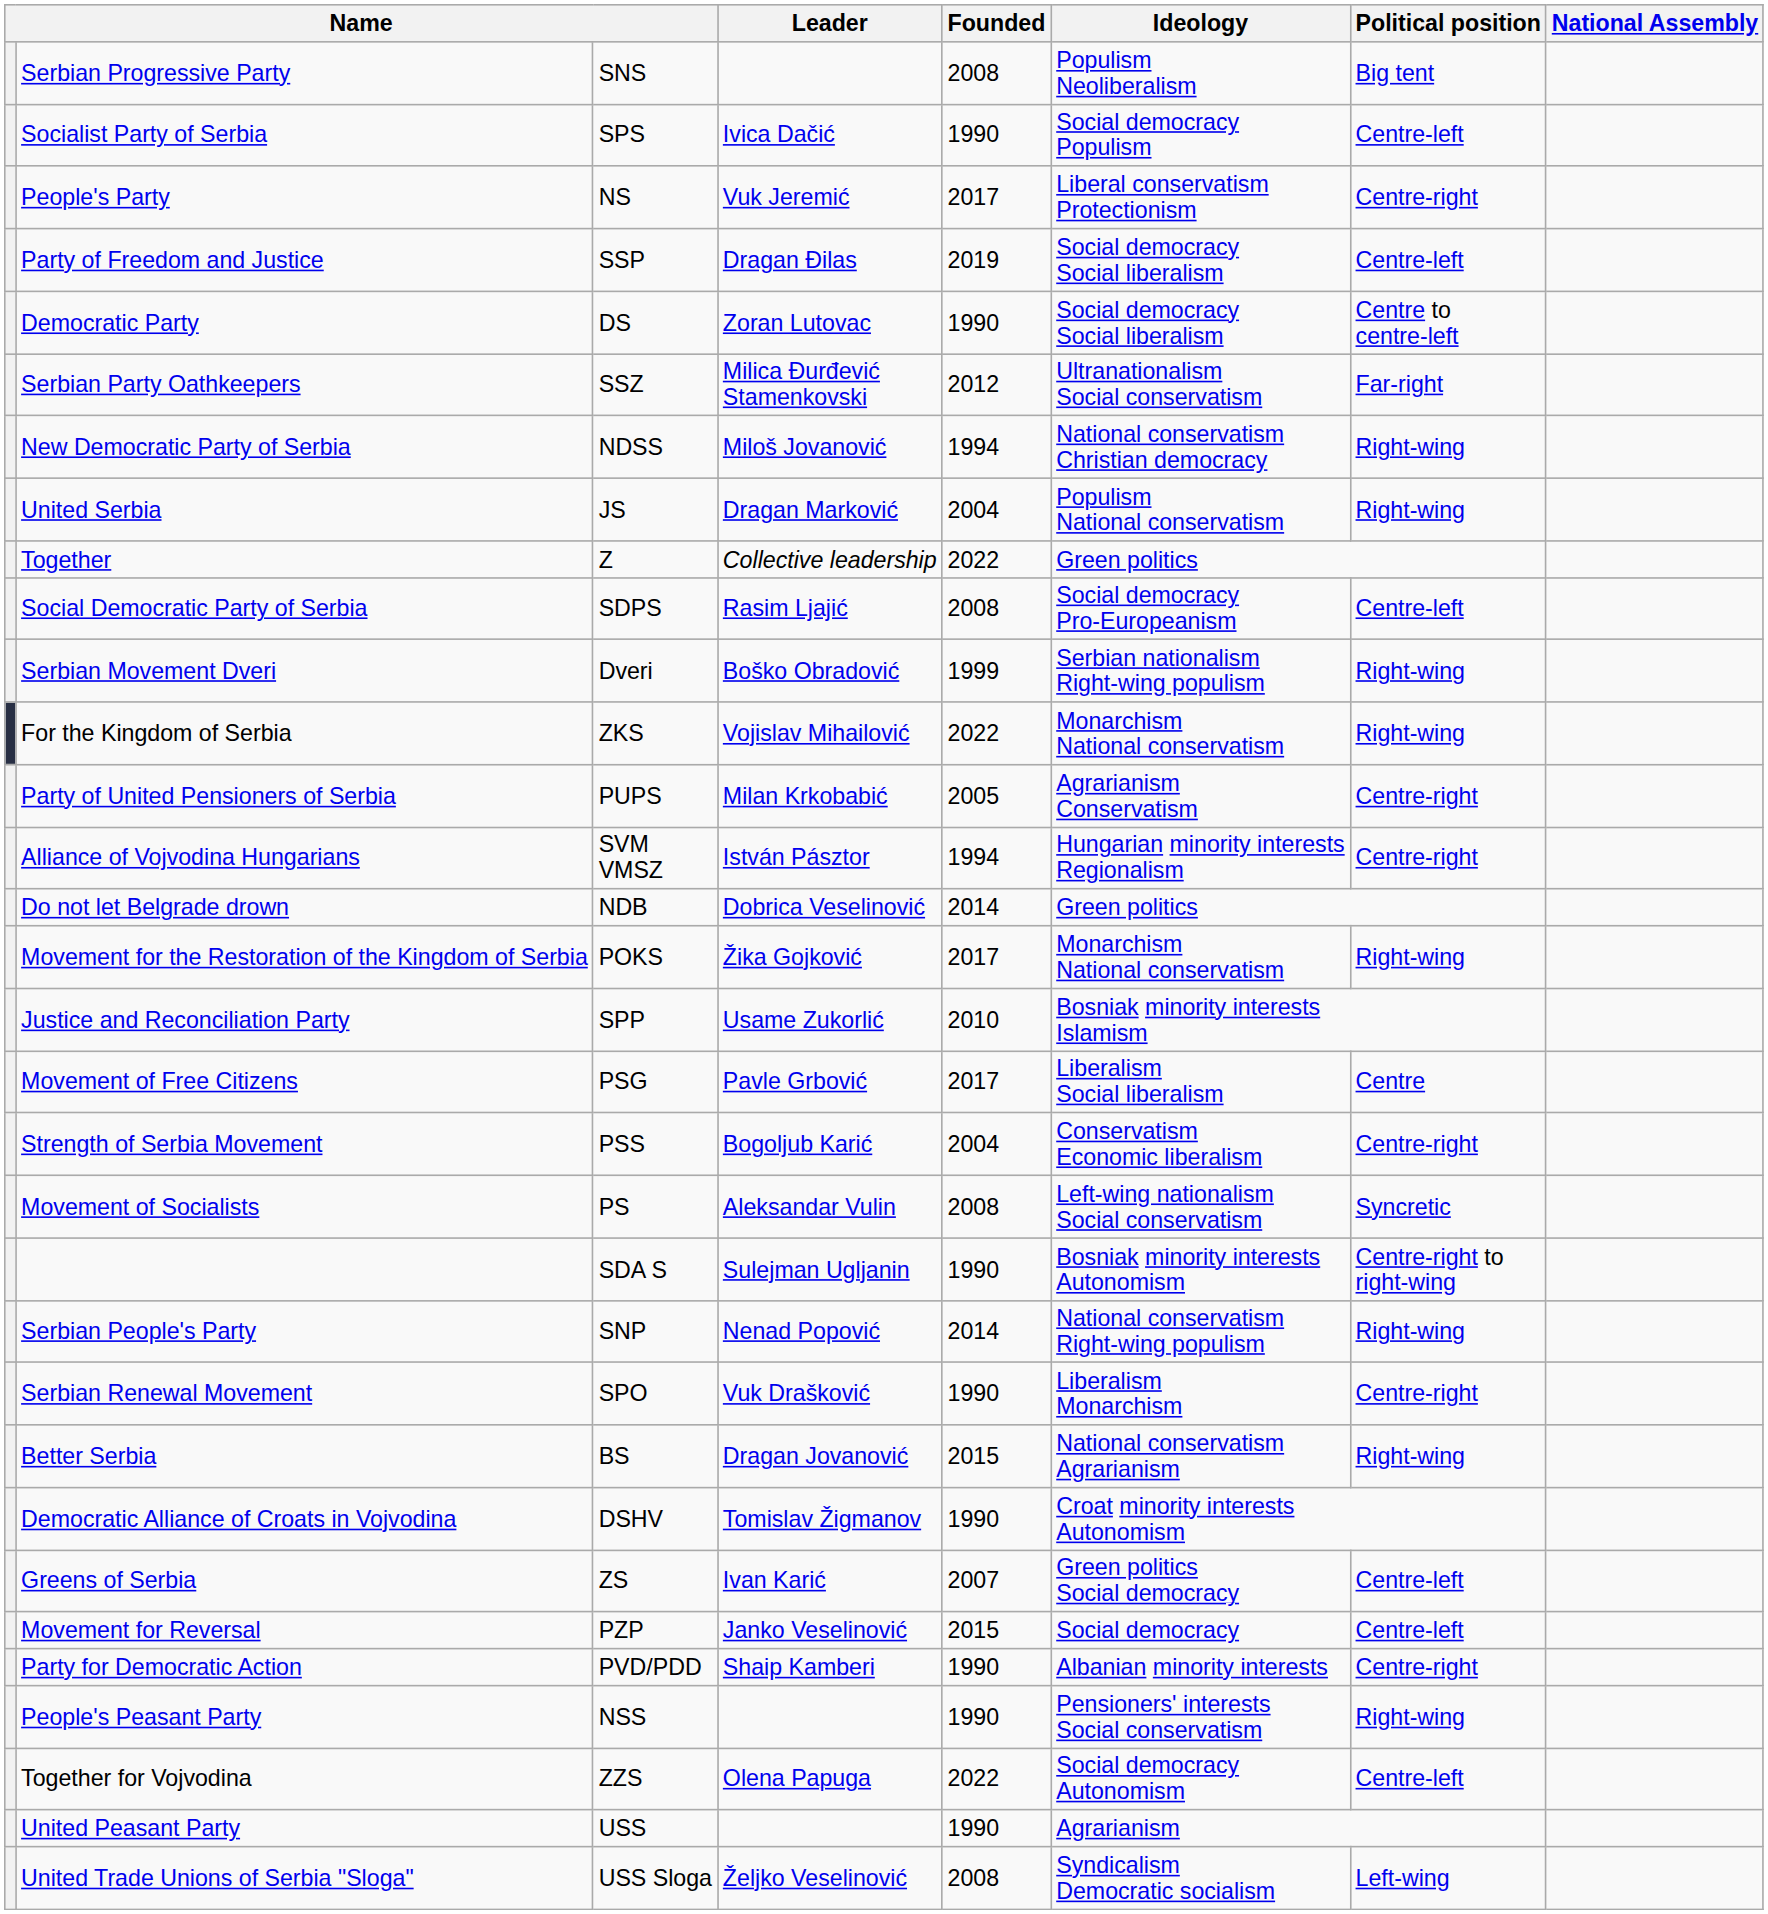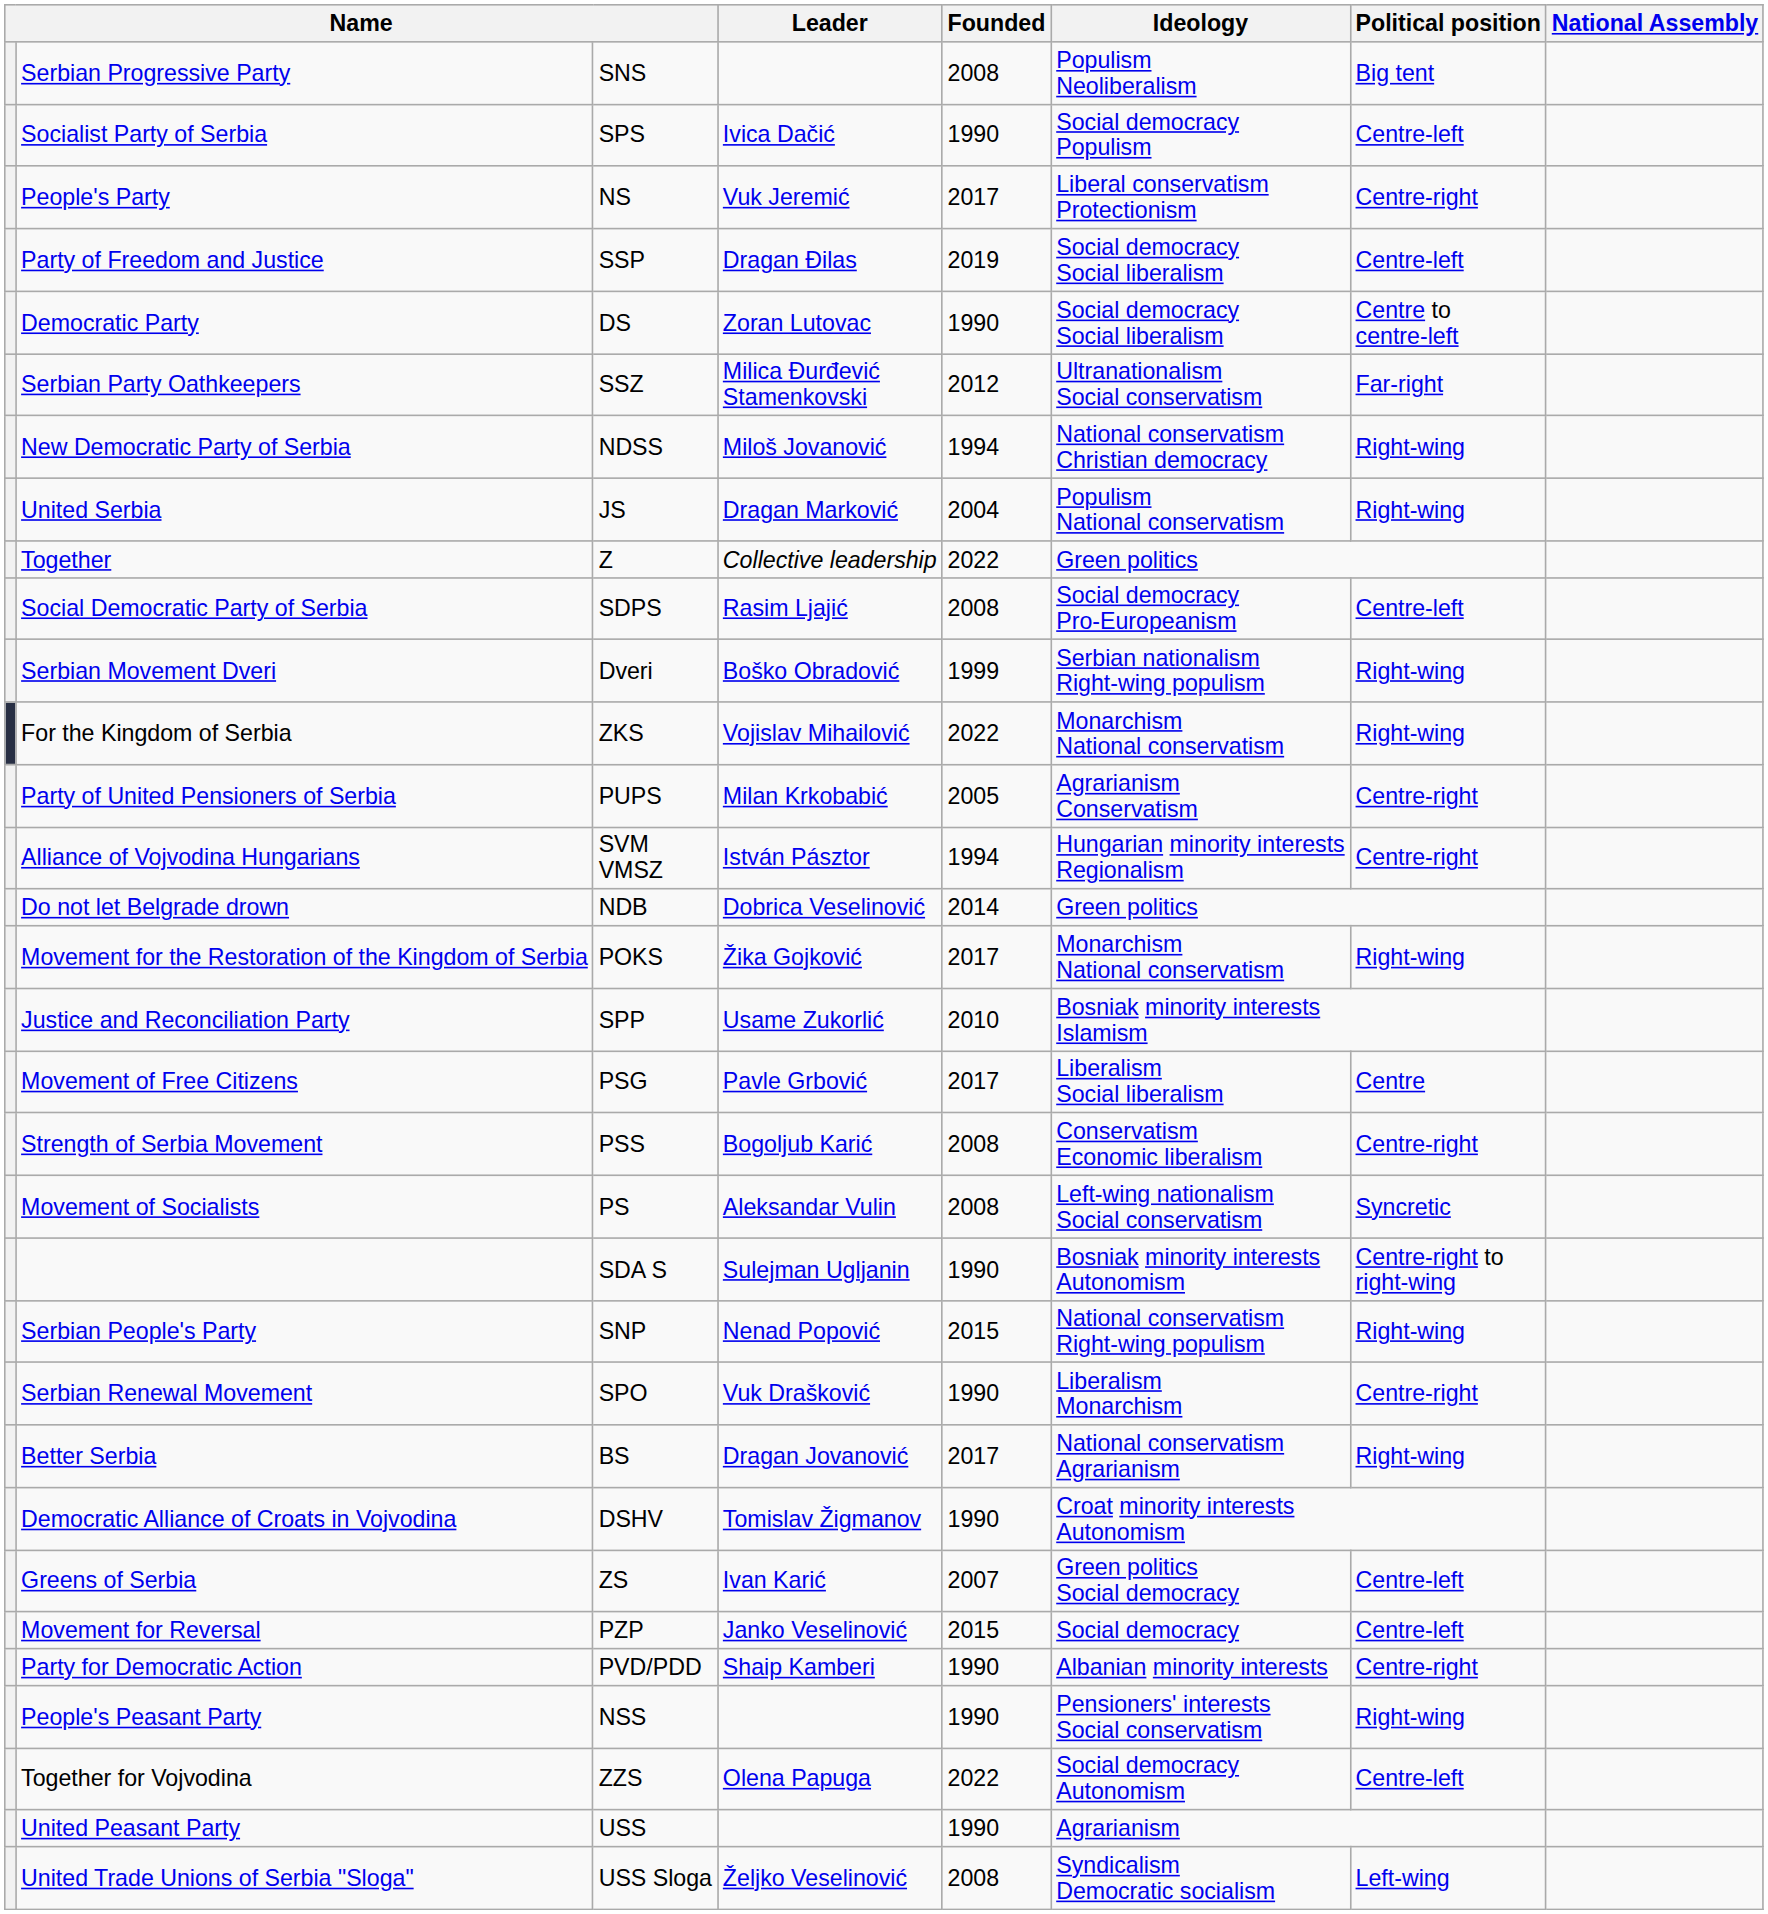 <table class="wikitable" style="font-size:90%">
 <tr>
 <th colspan="3">Name</th>
 <th>Leader</th>
 <th>Founded</th>
 <th>Ideology</th>
 <th>Political position</th>
 <th><a href='#'>National Assembly</a></th>
 </tr>
 <tr>
 <th style="background:"></th>
 <td><a href='#'>Serbian Progressive Party</a><br><small><em></em></small></td>
 <td>SNS</td>
 <td></td>
 <td>2008</td>
 <td><a href='#'>Populism</a><br><a href='#'>Neoliberalism</a></td>
 <td><a href='#'>Big tent</a></td>
 <td></td>
 </tr>
 <tr>
 <th style="background-color:"></th>
 <td><a href='#'>Socialist Party of Serbia</a><br><small><em></em></small></td>
 <td>SPS</td>
 <td><a href='#'>Ivica Dačić</a></td>
 <td>1990</td>
 <td><a href='#'>Social democracy</a><br><a href='#'>Populism</a></td>
 <td><a href='#'>Centre-left</a></td>
 <td></td>
 </tr>
 <tr>
 <th style="background-color:"></th>
 <td><a href='#'>People's Party</a><br><small><em></em></small></td>
 <td>NS</td>
 <td><a href='#'>Vuk Jeremić</a></td>
 <td>2017</td>
 <td><a href='#'>Liberal conservatism</a><br><a href='#'>Protectionism</a></td>
 <td><a href='#'>Centre-right</a></td>
 <td></td>
 </tr>
 <tr>
 <th style="background-color:"></th>
 <td><a href='#'>Party of Freedom and Justice</a><br><small><em></em></small></td>
 <td>SSP</td>
 <td><a href='#'>Dragan Đilas</a></td>
 <td>2019</td>
 <td><a href='#'>Social democracy</a><br><a href='#'>Social liberalism</a></td>
 <td><a href='#'>Centre-left</a></td>
 <td></td>
 </tr>
 <tr>
 <th style="background-color:"></th>
 <td><a href='#'>Democratic Party</a><br><small><em></em></small></td>
 <td>DS</td>
 <td><a href='#'>Zoran Lutovac</a></td>
 <td>1990</td>
 <td><a href='#'>Social democracy</a><br><a href='#'>Social liberalism</a></td>
 <td><a href='#'>Centre</a> to<br><a href='#'>centre-left</a></td>
 <td></td>
 </tr>
 <tr>
 <th style="background-color:"></th>
 <td><a href='#'>Serbian Party Oathkeepers</a><br><small><em></em></small></td>
 <td>SSZ</td>
 <td><a href='#'>Milica Đurđević<br>Stamenkovski</a></td>
 <td>2012</td>
 <td><a href='#'>Ultranationalism</a><br><a href='#'>Social conservatism</a></td>
 <td><a href='#'>Far-right</a></td>
 <td></td>
 </tr>
 <tr>
 <th style="background-color:"></th>
 <td><a href='#'>New Democratic Party of Serbia</a><br><small><em></em></small></td>
 <td>NDSS</td>
 <td><a href='#'>Miloš Jovanović</a></td>
 <td>1994</td>
 <td><a href='#'>National conservatism</a><br><a href='#'>Christian democracy</a></td>
 <td><a href='#'>Right-wing</a></td>
 <td></td>
 </tr>
 <tr>
 <th style="background-color:"></th>
 <td><a href='#'>United Serbia</a><br><small><em></em></small></td>
 <td>JS</td>
 <td><a href='#'>Dragan Marković</a></td>
 <td>2004</td>
 <td><a href='#'>Populism</a><br><a href='#'>National conservatism</a></td>
 <td><a href='#'>Right-wing</a></td>
 <td></td>
 </tr>
 <tr>
 <th style="background-color:"></th>
 <td><a href='#'>Together</a><br><small><em></em></small></td>
 <td>Z</td>
 <td><em>Collective leadership</em></td>
 <td>2022</td>
 <td colspan="2"><a href='#'>Green politics</a></td>
 <td></td>
 </tr>
 <tr>
 <th style="background-color:"></th>
 <td><a href='#'>Social Democratic Party of Serbia</a><br><small><em></em></small></td>
 <td>SDPS</td>
 <td><a href='#'>Rasim Ljajić</a></td>
 <td>2008</td>
 <td><a href='#'>Social democracy</a><br><a href='#'>Pro-Europeanism</a></td>
 <td><a href='#'>Centre-left</a></td>
 <td></td>
 </tr>
 <tr>
 <th style="background-color:"></th>
 <td><a href='#'>Serbian Movement Dveri</a><br><small><em></em></small></td>
 <td>Dveri</td>
 <td><a href='#'>Boško Obradović</a></td>
 <td>1999</td>
 <td><a href='#'>Serbian nationalism</a><br><a href='#'>Right-wing populism</a></td>
 <td><a href='#'>Right-wing</a></td>
 <td></td>
 </tr>
 <tr>
 <th style="background-color:#282F44"></th>
 <td>For the Kingdom of Serbia<br><small><em></em></small></td>
 <td>ZKS</td>
 <td><a href='#'>Vojislav Mihailović</a></td>
 <td>2022</td>
 <td><a href='#'>Monarchism</a><br><a href='#'>National conservatism</a></td>
 <td><a href='#'>Right-wing</a></td>
 <td></td>
 </tr>
 <tr>
 <th style="background-color:"></th>
 <td><a href='#'>Party of United Pensioners of Serbia</a><br><small><em></em></small></td>
 <td>PUPS</td>
 <td><a href='#'>Milan Krkobabić</a></td>
 <td>2005</td>
 <td><a href='#'>Agrarianism</a><br><a href='#'>Conservatism</a></td>
 <td><a href='#'>Centre-right</a></td>
 <td></td>
 </tr>
 <tr>
 <th style="background-color:"></th>
 <td><a href='#'>Alliance of Vojvodina Hungarians</a><br><small><em></em></small></td>
 <td>SVM<br>VMSZ</td>
 <td><a href='#'>István Pásztor</a></td>
 <td>1994</td>
 <td><a href='#'>Hungarian</a> <a href='#'>minority interests</a><br><a href='#'>Regionalism</a></td>
 <td><a href='#'>Centre-right</a></td>
 <td></td>
 </tr>
 <tr>
 <th style="background-color:"></th>
 <td><a href='#'>Do not let Belgrade drown</a><br><small><em></em></small></td>
 <td>NDB</td>
 <td><a href='#'>Dobrica Veselinović</a></td>
 <td>2014</td>
 <td colspan="2"><a href='#'>Green politics</a></td>
 <td></td>
 </tr>
 <tr>
 <th style="background-color:"></th>
 <td><a href='#'>Movement for the Restoration of the Kingdom of Serbia</a><br><small><em></em></small></td>
 <td>POKS</td>
 <td><a href='#'>Žika Gojković</a></td>
 <td>2017</td>
 <td><a href='#'>Monarchism</a><br><a href='#'>National conservatism</a></td>
 <td><a href='#'>Right-wing</a></td>
 <td></td>
 </tr>
 <tr>
 <th style="background-color:"></th>
 <td><a href='#'>Justice and Reconciliation Party</a><br><small><em></em></small></td>
 <td>SPP</td>
 <td><a href='#'>Usame Zukorlić</a></td>
 <td>2010</td>
 <td colspan="2"><a href='#'>Bosniak</a> <a href='#'>minority interests</a><br><a href='#'>Islamism</a></td>
 <td></td>
 </tr>
 <tr>
 <th style="background-color:"></th>
 <td><a href='#'>Movement of Free Citizens</a><br><small><em></em></small></td>
 <td>PSG</td>
 <td><a href='#'>Pavle Grbović</a></td>
 <td>2017</td>
 <td><a href='#'>Liberalism</a><br><a href='#'>Social liberalism</a></td>
 <td><a href='#'>Centre</a></td>
 <td></td>
 </tr>
 <tr>
 <th style="background-color:"></th>
 <td><a href='#'>Strength of Serbia Movement</a><br><small><em></em></small></td>
 <td>PSS</td>
 <td><a href='#'>Bogoljub Karić</a></td>
-<td>2004</td>
+<td>2008</td>
 <td><a href='#'>Conservatism</a><br><a href='#'>Economic liberalism</a></td>
 <td><a href='#'>Centre-right</a></td>
 <td></td>
 </tr>
 <tr>
 <th style="background-color:"></th>
 <td><a href='#'>Movement of Socialists</a><br><small><em></em></small></td>
 <td>PS</td>
 <td><a href='#'>Aleksandar Vulin</a></td>
 <td>2008</td>
 <td><a href='#'>Left-wing nationalism</a><br><a href='#'>Social conservatism</a></td>
 <td><a href='#'>Syncretic</a></td>
 <td></td>
 </tr>
 <tr>
 <th style="background-color:"></th>
 <td><br><small><em></em></small></td>
 <td>SDA S</td>
 <td><a href='#'>Sulejman Ugljanin</a></td>
 <td>1990</td>
 <td><a href='#'>Bosniak</a> <a href='#'>minority interests</a><br><a href='#'>Autonomism</a></td>
 <td><a href='#'>Centre-right</a> to<br><a href='#'>right-wing</a></td>
 <td></td>
 </tr>
 <tr>
 <th style="background-color:"></th>
 <td><a href='#'>Serbian People's Party</a><br><small><em></em></small></td>
 <td>SNP</td>
 <td><a href='#'>Nenad Popović</a></td>
-<td>2014</td>
+<td>2015</td>
 <td><a href='#'>National conservatism</a><br><a href='#'>Right-wing populism</a></td>
 <td><a href='#'>Right-wing</a></td>
 <td></td>
 </tr>
 <tr>
 <th style="background-color:"></th>
 <td><a href='#'>Serbian Renewal Movement</a><br><small><em></em></small></td>
 <td>SPO</td>
 <td><a href='#'>Vuk Drašković</a></td>
 <td>1990</td>
 <td><a href='#'>Liberalism</a><br><a href='#'>Monarchism</a></td>
 <td><a href='#'>Centre-right</a></td>
 <td></td>
 </tr>
 <tr>
 <th style="background-color:"></th>
 <td><a href='#'>Better Serbia</a><br><small><em></em></small></td>
 <td>BS</td>
 <td><a href='#'>Dragan Jovanović</a></td>
-<td>2015</td>
+<td>2017</td>
 <td><a href='#'>National conservatism</a><br><a href='#'>Agrarianism</a></td>
 <td><a href='#'>Right-wing</a></td>
 <td></td>
 </tr>
 <tr>
 <th style="background-color:"></th>
 <td><a href='#'>Democratic Alliance of Croats in Vojvodina</a><br><small><em></em></small></td>
 <td>DSHV</td>
 <td><a href='#'>Tomislav Žigmanov</a></td>
 <td>1990</td>
 <td colspan="2"><a href='#'>Croat</a> <a href='#'>minority interests</a><br><a href='#'>Autonomism</a></td>
 <td></td>
 </tr>
 <tr>
 <th style="background-color:"></th>
 <td><a href='#'>Greens of Serbia</a><br><small><em></em></small></td>
 <td>ZS</td>
 <td><a href='#'>Ivan Karić</a></td>
 <td>2007</td>
 <td><a href='#'>Green politics</a><br><a href='#'>Social democracy</a></td>
 <td><a href='#'>Centre-left</a></td>
 <td></td>
 </tr>
 <tr>
 <th style="background-color:"></th>
 <td><a href='#'>Movement for Reversal</a><br><small><em></em></small></td>
 <td>PZP</td>
 <td><a href='#'>Janko Veselinović</a></td>
 <td>2015</td>
 <td><a href='#'>Social democracy</a></td>
 <td><a href='#'>Centre-left</a></td>
 <td></td>
 </tr>
 <tr>
 <th style="background-color:"></th>
 <td><a href='#'>Party for Democratic Action</a><br><small><em></em></small></td>
 <td>PVD/PDD</td>
 <td><a href='#'>Shaip Kamberi</a></td>
 <td>1990</td>
 <td><a href='#'>Albanian</a> <a href='#'>minority interests</a></td>
 <td><a href='#'>Centre-right</a></td>
 <td></td>
 </tr>
 <tr>
 <th style="background-color:"></th>
 <td><a href='#'>People's Peasant Party</a><br><small><em></em></small></td>
 <td>NSS</td>
 <td></td>
 <td>1990</td>
 <td><a href='#'>Pensioners' interests</a><br><a href='#'>Social conservatism</a></td>
 <td><a href='#'>Right-wing</a></td>
 <td></td>
 </tr>
 <tr>
 <th style="background-color:"></th>
 <td>Together for Vojvodina<br><small><em></em></small></td>
 <td>ZZS</td>
 <td><a href='#'>Olena Papuga</a></td>
 <td>2022</td>
 <td><a href='#'>Social democracy</a><br><a href='#'>Autonomism</a></td>
 <td><a href='#'>Centre-left</a></td>
 <td></td>
 </tr>
 <tr>
 <th style="background-color:"></th>
 <td><a href='#'>United Peasant Party</a><br><small><em></em></small></td>
 <td>USS</td>
 <td></td>
 <td>1990</td>
 <td colspan="2"><a href='#'>Agrarianism</a></td>
 <td></td>
 </tr>
 <tr>
 <th style="background-color:"></th>
 <td><a href='#'>United Trade Unions of Serbia "Sloga"</a><br><small><em></em></small></td>
 <td>USS Sloga</td>
 <td><a href='#'>Željko Veselinović</a></td>
 <td>2008</td>
 <td><a href='#'>Syndicalism</a><br><a href='#'>Democratic socialism</a></td>
 <td><a href='#'>Left-wing</a></td>
 <td></td>
 </tr>
 </table>
